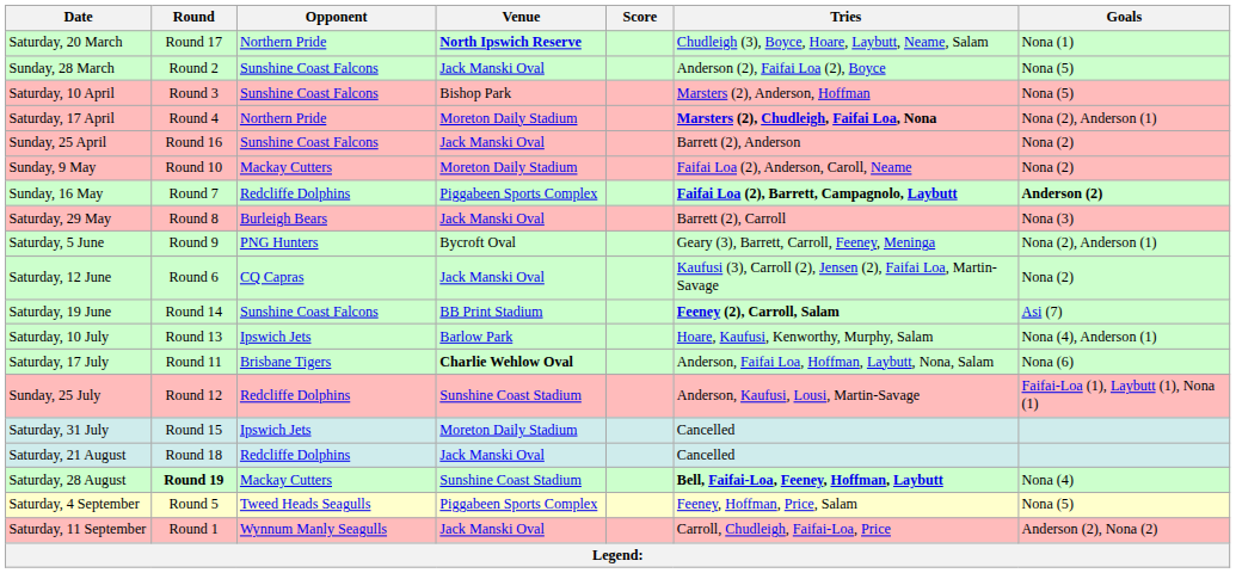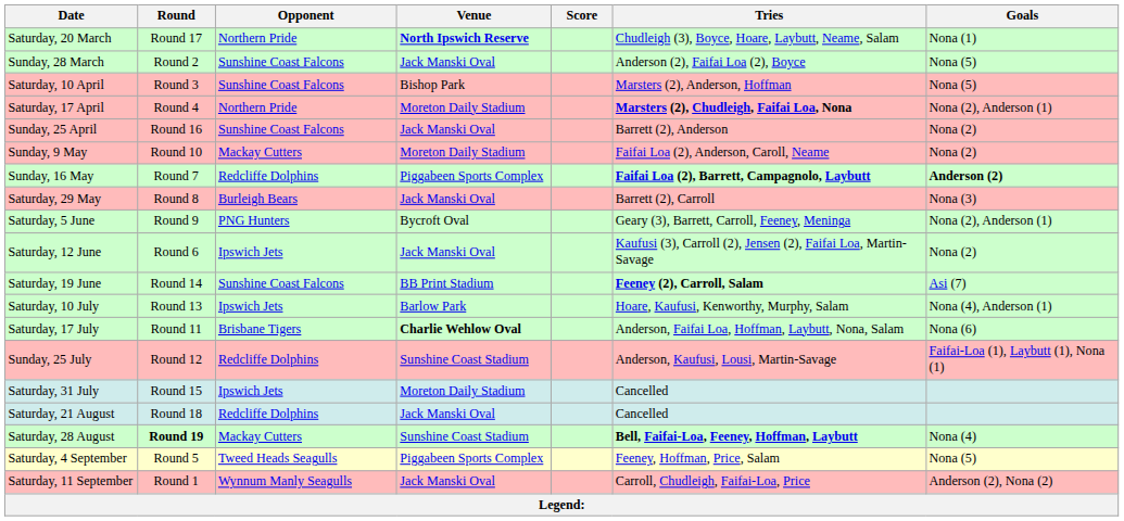 <table class="wikitable" style="font-size:75%;">
 <tr>
 <th style="width:115px;">Date</th>
 <th style="width:65px;">Round</th>
 <th style="width:160px;">Opponent</th>
 <th style="width:135px;">Venue</th>
 <th style="width:50px;">Score</th>
 <th style="width:280px;">Tries</th>
 <th style="width:170px;">Goals</th>
 </tr>
 <tr style="background:#CCFFCC">
 <td>Saturday, 20 March</td>
 <td style="text-align:center;">Round 17</td>
 <td> <a href='#'>Northern Pride</a></td>
 <td><strong><a href='#'>North Ipswich Reserve</a></strong></td>
 <td style="text-align:center;"></td>
 <td><a href='#'>Chudleigh</a> (3), <a href='#'>Boyce</a>, <a href='#'>Hoare</a>, <a href='#'>Laybutt</a>, <a href='#'>Neame</a>, Salam</td>
 <td>Nona (1)</td>
 </tr>
 <tr style="background:#CCFFCC">
 <td>Sunday, 28 March</td>
 <td style="text-align:center;">Round 2</td>
 <td> <a href='#'>Sunshine Coast Falcons</a></td>
 <td><a href='#'>Jack Manski Oval</a></td>
 <td style="text-align:center;"></td>
 <td>Anderson (2), <a href='#'>Faifai Loa</a> (2), <a href='#'>Boyce</a></td>
 <td>Nona (5)</td>
 </tr>
 <tr style="background:#FFBBBB">
 <td>Saturday, 10 April</td>
 <td style="text-align:center;">Round 3</td>
 <td> <a href='#'>Sunshine Coast Falcons</a></td>
 <td>Bishop Park</td>
 <td style="text-align:center;"></td>
 <td><a href='#'>Marsters</a> (2), Anderson, <a href='#'>Hoffman</a></td>
 <td>Nona (5)</td>
 </tr>
 <tr style="background:#FFBBBB">
 <td>Saturday, 17 April</td>
 <td style="text-align:center;">Round 4</td>
 <td> <a href='#'>Northern Pride</a></td>
 <td><a href='#'>Moreton Daily Stadium</a></td>
 <td style="text-align:center;"></td>
 <td><strong><a href='#'>Marsters</a> (2), <a href='#'>Chudleigh</a>, <a href='#'>Faifai Loa</a>, Nona</strong></td>
 <td>Nona (2), Anderson (1)</td>
 </tr>
 <tr style="background:#FFBBBB">
 <td>Sunday, 25 April</td>
 <td style="text-align:center;">Round 16</td>
 <td> <a href='#'>Sunshine Coast Falcons</a></td>
 <td><a href='#'>Jack Manski Oval</a></td>
 <td style="text-align:center;"></td>
 <td>Barrett (2), Anderson</td>
 <td>Nona (2)</td>
 </tr>
 <tr style="background:#FFBBBB">
 <td>Sunday, 9 May</td>
 <td style="text-align:center;">Round 10</td>
 <td> <a href='#'>Mackay Cutters</a></td>
 <td><a href='#'>Moreton Daily Stadium</a></td>
 <td style="text-align:center;"></td>
 <td><a href='#'>Faifai Loa</a> (2), Anderson, Caroll, <a href='#'>Neame</a></td>
 <td>Nona (2)</td>
 </tr>
 <tr style="background:#CCFFCC">
 <td>Sunday, 16 May</td>
 <td style="text-align:center;">Round 7</td>
 <td> <a href='#'>Redcliffe Dolphins</a></td>
 <td><a href='#'>Piggabeen Sports Complex</a></td>
 <td style="text-align:center;"></td>
 <td><strong><a href='#'>Faifai Loa</a> (2), Barrett, Campagnolo, <a href='#'>Laybutt</a></strong></td>
 <td><strong>Anderson (2)</strong></td>
 </tr>
 <tr style="background:#FFBBBB">
 <td>Saturday, 29 May</td>
 <td style="text-align:center;">Round 8</td>
 <td> <a href='#'>Burleigh Bears</a></td>
 <td><a href='#'>Jack Manski Oval</a></td>
 <td style="text-align:center;"></td>
 <td>Barrett (2), Carroll</td>
 <td>Nona (3)</td>
 </tr>
 <tr style="background:#CCFFCC">
 <td>Saturday, 5 June</td>
 <td style="text-align:center;">Round 9</td>
 <td> <a href='#'>PNG Hunters</a></td>
 <td>Bycroft Oval</td>
 <td style="text-align:center;"></td>
 <td>Geary (3), Barrett, Carroll, <a href='#'>Feeney</a>, <a href='#'>Meninga</a></td>
 <td>Nona (2), Anderson (1)</td>
 </tr>
 <tr style="background:#CCFFCC">
 <td>Saturday, 12 June</td>
 <td style="text-align:center;">Round 6</td>
-<td> <a href='#'>CQ Capras</a></td>
+<td> <a href='#'>Ipswich Jets</a></td>
 <td><a href='#'>Jack Manski Oval</a></td>
 <td style="text-align:center;"></td>
 <td><a href='#'>Kaufusi</a> (3), Carroll (2), <a href='#'>Jensen</a> (2), <a href='#'>Faifai Loa</a>, Martin-Savage</td>
 <td>Nona (2)</td>
 </tr>
 <tr style="background:#CCFFCC">
 <td>Saturday, 19 June</td>
 <td style="text-align:center;">Round 14</td>
 <td> <a href='#'>Sunshine Coast Falcons</a></td>
 <td><a href='#'>BB Print Stadium</a></td>
 <td style="text-align:center;"></td>
 <td><strong><a href='#'>Feeney</a> (2), Carroll, Salam</strong></td>
 <td><a href='#'>Asi</a> (7)</td>
 </tr>
 <tr style="background:#CCFFCC">
 <td>Saturday, 10 July</td>
 <td style="text-align:center;">Round 13</td>
 <td> <a href='#'>Ipswich Jets</a></td>
 <td><a href='#'>Barlow Park</a></td>
 <td style="text-align:center;"></td>
 <td><a href='#'>Hoare</a>, <a href='#'>Kaufusi</a>, Kenworthy, Murphy, Salam</td>
 <td>Nona (4), Anderson (1)</td>
 </tr>
 <tr style="background:#CCFFCC">
 <td>Saturday, 17 July</td>
 <td style="text-align:center;">Round 11</td>
 <td> <a href='#'>Brisbane Tigers</a></td>
 <td><strong>Charlie Wehlow Oval</strong></td>
 <td style="text-align:center;"></td>
 <td>Anderson, <a href='#'>Faifai Loa</a>, <a href='#'>Hoffman</a>, <a href='#'>Laybutt</a>, Nona, Salam</td>
 <td>Nona (6)</td>
 </tr>
 <tr style="background:#FFBBBB">
 <td>Sunday, 25 July</td>
 <td style="text-align:center;">Round 12</td>
 <td> <a href='#'>Redcliffe Dolphins</a></td>
 <td><a href='#'>Sunshine Coast Stadium</a></td>
 <td style="text-align:center;"></td>
 <td>Anderson, <a href='#'>Kaufusi</a>, <a href='#'>Lousi</a>, Martin-Savage</td>
 <td><a href='#'>Faifai-Loa</a> (1), <a href='#'>Laybutt</a> (1), Nona (1)</td>
 </tr>
 <tr style="background:#cfecec">
 <td>Saturday, 31 July</td>
 <td style="text-align:center;">Round 15</td>
 <td> <a href='#'>Ipswich Jets</a></td>
 <td><a href='#'>Moreton Daily Stadium</a></td>
 <td style="text-align:center;"></td>
 <td>Cancelled</td>
 <td></td>
 </tr>
 <tr style="background:#cfecec">
 <td>Saturday, 21 August</td>
 <td style="text-align:center;">Round 18</td>
 <td> <a href='#'>Redcliffe Dolphins</a></td>
 <td><a href='#'>Jack Manski Oval</a></td>
 <td style="text-align:center;"></td>
 <td>Cancelled</td>
 <td></td>
 </tr>
 <tr style="background:#CCFFCC">
 <td>Saturday, 28 August</td>
 <td style="text-align:center;"><strong>Round 19</strong></td>
 <td> <a href='#'>Mackay Cutters</a></td>
 <td><a href='#'>Sunshine Coast Stadium</a></td>
 <td style="text-align:center;"></td>
 <td><strong>Bell, <a href='#'>Faifai-Loa</a>, <a href='#'>Feeney</a>, <a href='#'>Hoffman</a>, <a href='#'>Laybutt</a></strong></td>
 <td>Nona (4)</td>
 </tr>
 <tr style="background:#FFFFCC">
 <td>Saturday, 4 September</td>
 <td style="text-align:center;">Round 5</td>
 <td> <a href='#'>Tweed Heads Seagulls</a></td>
 <td><a href='#'>Piggabeen Sports Complex</a></td>
 <td style="text-align:center;"></td>
 <td><a href='#'>Feeney</a>, <a href='#'>Hoffman</a>, <a href='#'>Price</a>, Salam</td>
 <td>Nona (5)</td>
 </tr>
 <tr style="background:#FFBBBB">
 <td>Saturday, 11 September</td>
 <td style="text-align:center;">Round 1</td>
 <td> <a href='#'>Wynnum Manly Seagulls</a></td>
 <td><a href='#'>Jack Manski Oval</a></td>
 <td style="text-align:center;"></td>
 <td>Carroll, <a href='#'>Chudleigh</a>, <a href='#'>Faifai-Loa</a>, <a href='#'>Price</a></td>
 <td>Anderson (2), Nona (2)</td>
 </tr>
 <tr>
 <th colspan="11"><strong>Legend</strong>:    </th>
 </tr>
 </table>
